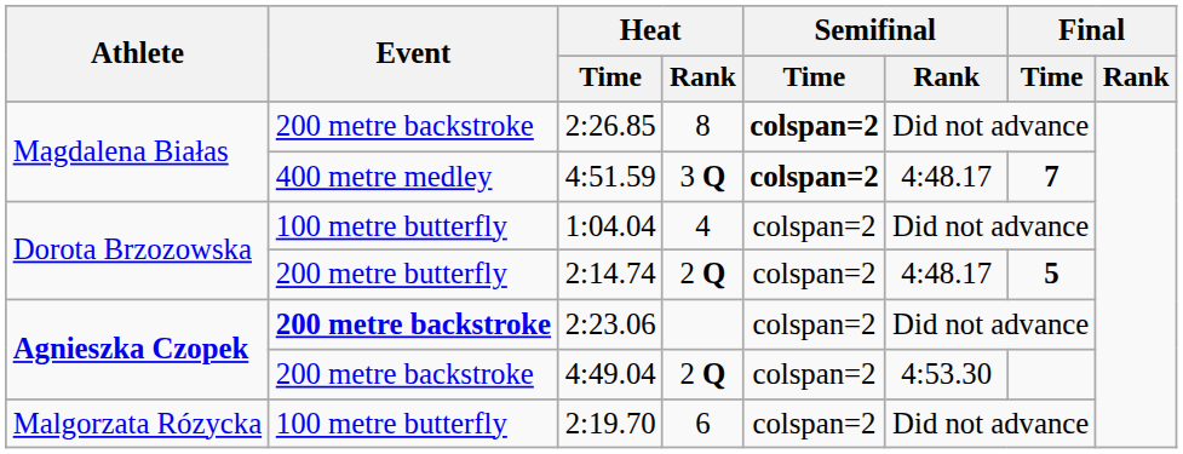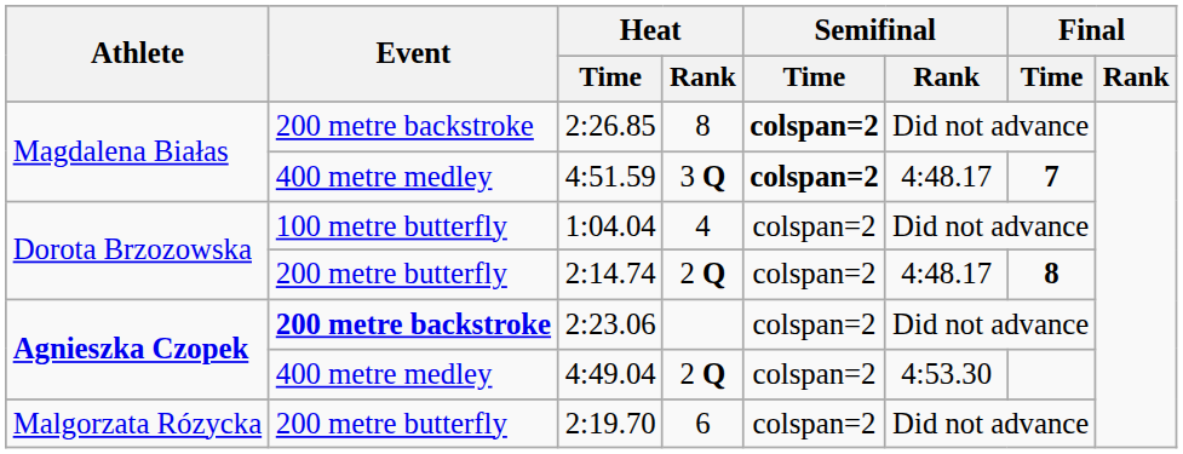 <table class=wikitable style="font-size:90%">
 <tr>
 <th rowspan="2">Athlete</th>
 <th rowspan="2">Event</th>
 <th colspan="2">Heat</th>
 <th colspan="2">Semifinal</th>
 <th colspan="2">Final</th>
 </tr>
 <tr style="font-size:95%">
 <th>Time</th>
 <th>Rank</th>
 <th>Time</th>
 <th>Rank</th>
 <th>Time</th>
 <th>Rank</th>
 </tr>
 <tr align=center>
 <td align=left rowspan=2><a href='#'>Magdalena Białas</a></td>
 <td align=left><a href='#'>200 metre backstroke</a></td>
 <td>2:26.85</td>
 <td>8</td>
 <td><strong>colspan=2 </strong></td>
 <td colspan=2 align=center>Did not advance</td>
 </tr>
 <tr align=center>
 <td align=left><a href='#'>400 metre medley</a></td>
 <td>4:51.59</td>
 <td>3 <strong>Q</strong></td>
 <td><strong>colspan=2 </strong></td>
 <td>4:48.17</td>
 <td><strong>7</strong></td>
 </tr>
 <tr align=center>
 <td align=left rowspan=2><a href='#'>Dorota Brzozowska</a></td>
 <td align=left><a href='#'>100 metre butterfly</a></td>
 <td>1:04.04</td>
 <td>4</td>
 <td>colspan=2 </td>
 <td colspan=2 align=center>Did not advance</td>
 </tr>
 <tr align=center>
 <td align=left><a href='#'>200 metre butterfly</a></td>
 <td>2:14.74</td>
 <td>2 <strong>Q</strong></td>
 <td>colspan=2 </td>
 <td>4:48.17</td>
-<td><strong>5</strong></td>
+<td><strong>8</strong></td>
 </tr>
 <tr align=center>
 <td align=left rowspan=2><strong><a href='#'>Agnieszka Czopek</a></strong></td>
 <td align=left><strong><a href='#'>200 metre backstroke</a></strong></td>
 <td>2:23.06</td>
 <td></td>
 <td>colspan=2 </td>
 <td colspan=2 align=center>Did not advance</td>
 </tr>
 <tr align=center>
-<td align=left><a href='#'>200 metre backstroke</a></td>
+<td align=left><a href='#'>400 metre medley</a></td>
 <td>4:49.04</td>
 <td>2 <strong>Q</strong></td>
 <td>colspan=2 </td>
 <td>4:53.30</td>
 <td></td>
 </tr>
 <tr align=center>
 <td align=left rowspan=1><a href='#'>Malgorzata Rózycka</a></td>
-<td align=left><a href='#'>100 metre butterfly</a></td>
+<td align=left><a href='#'>200 metre butterfly</a></td>
 <td>2:19.70</td>
 <td>6</td>
 <td>colspan=2 </td>
 <td colspan=2 align=center>Did not advance</td>
 </tr>
 </table>
